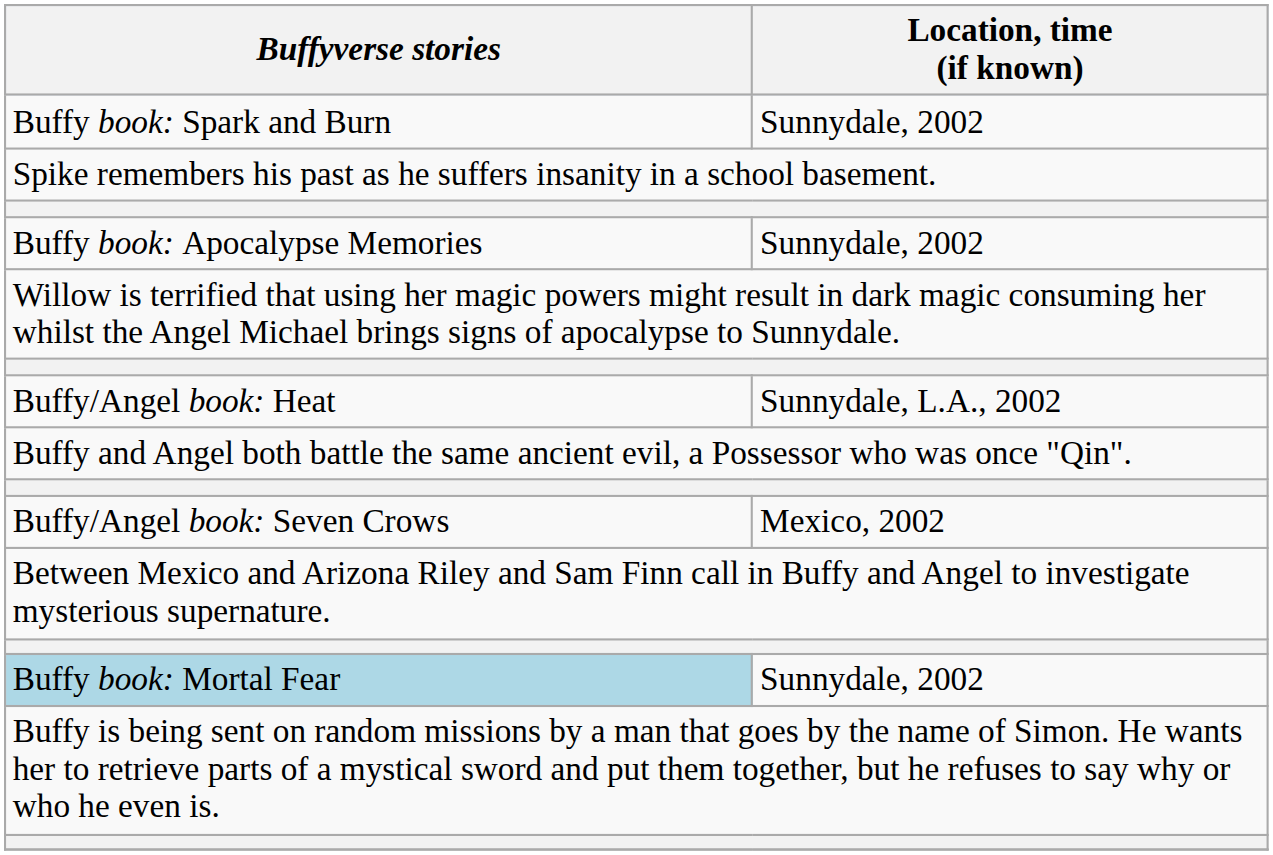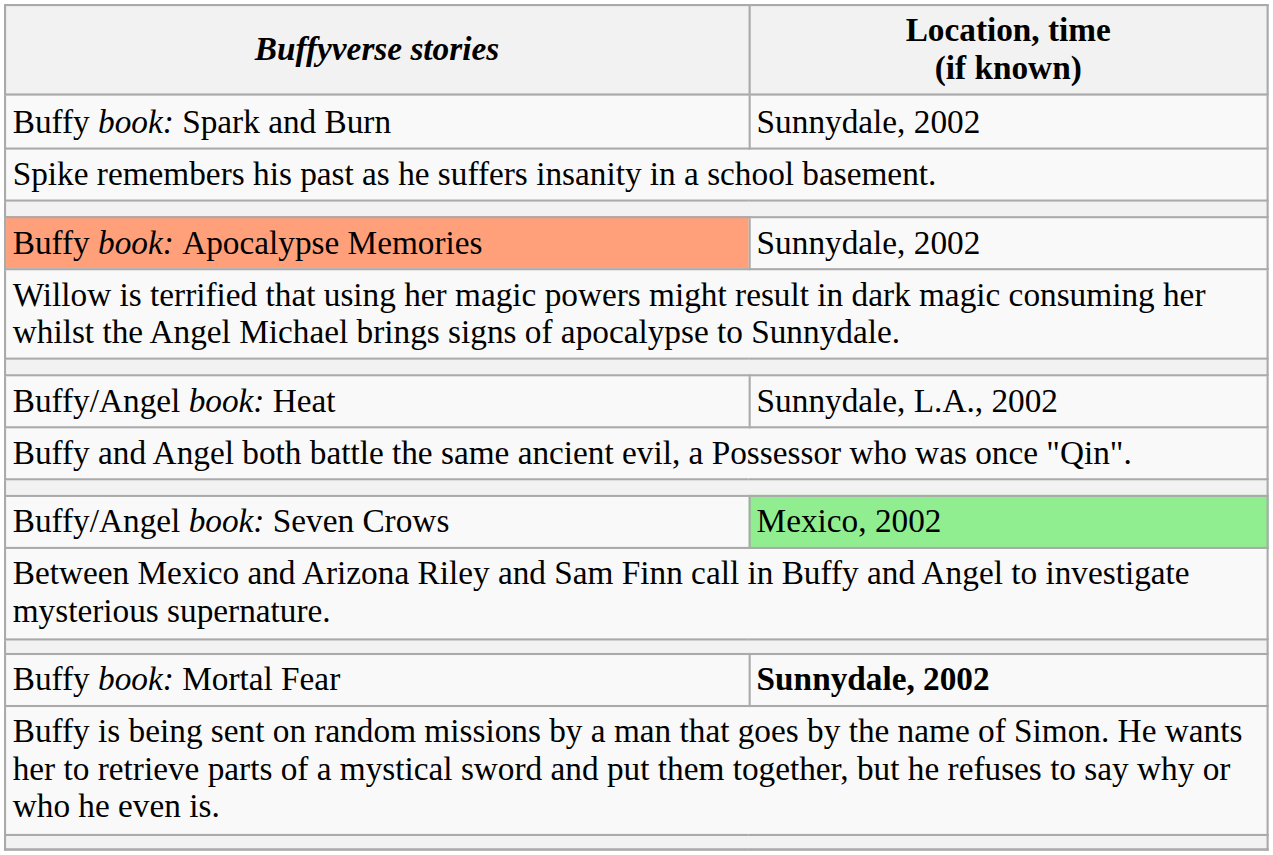 <table class="wikitable">
 <tr bgcolor="lightsteelblue" align=left>
 <th><strong><em>Buffyverse<em> stories<strong></th>
 <th></strong>Location, time<strong> <br>  (if known)</th>
 </tr>
 <tr>
 <td></em>Buffy<em> book: </em>Spark and Burn<em></td>
 <td>Sunnydale, 2002</td>
 </tr>
 <tr>
 <td colspan="4">Spike remembers his past as he suffers insanity in a school basement.</td>
 </tr>
 <tr>
 <td colspan="6" bgcolor="#f2f2f2"></td>
 </tr>
 <tr>
-<td></em>Buffy<em> book: </em>Apocalypse Memories<em></td>
+<td style="background: lightsalmon;"></em>Buffy<em> book: </em>Apocalypse Memories<em></td>
 <td>Sunnydale, 2002</td>
 </tr>
 <tr>
 <td colspan="4">Willow is terrified that using her magic powers might result in dark magic consuming her whilst the Angel Michael brings signs of apocalypse to Sunnydale.</td>
 </tr>
 <tr>
 <td colspan="6" bgcolor="#f2f2f2"></td>
 </tr>
 <tr>
 <td></em>Buffy/Angel<em> book: </em>Heat<em></td>
 <td>Sunnydale, L.A., 2002</td>
 </tr>
 <tr>
 <td colspan="4">Buffy and Angel both battle the same ancient evil, a Possessor who was once "Qin".</td>
 </tr>
 <tr>
 <td colspan="6" bgcolor="#f2f2f2"></td>
 </tr>
 <tr>
 <td></em>Buffy/Angel<em> book: </em>Seven Crows<em></td>
-<td>Mexico, 2002</td>
+<td style="background: lightgreen;">Mexico, 2002</td>
 </tr>
 <tr>
 <td colspan="4">Between Mexico and Arizona Riley and Sam Finn call in Buffy and Angel to investigate mysterious supernature.</td>
 </tr>
 <tr>
 <td colspan="6" bgcolor="#f2f2f2"></td>
 </tr>
 <tr>
-<td style="background: lightblue;"></em>Buffy<em> book: </em>Mortal Fear<em></td>
-<td>Sunnydale, 2002</td>
+<td></em>Buffy<em> book: </em>Mortal Fear<em></td>
+<td><strong>Sunnydale, 2002</strong></td>
 </tr>
 <tr>
 <td colspan="4">Buffy is being sent on random missions by a man that goes by the name of Simon. He wants her to retrieve parts of a mystical sword and put them together, but he refuses to say why or who he even is.</td>
 </tr>
 <tr>
 <td colspan="6" bgcolor="#f2f2f2"></td>
 </tr>
 <tr>
 </tr>
 </table>
